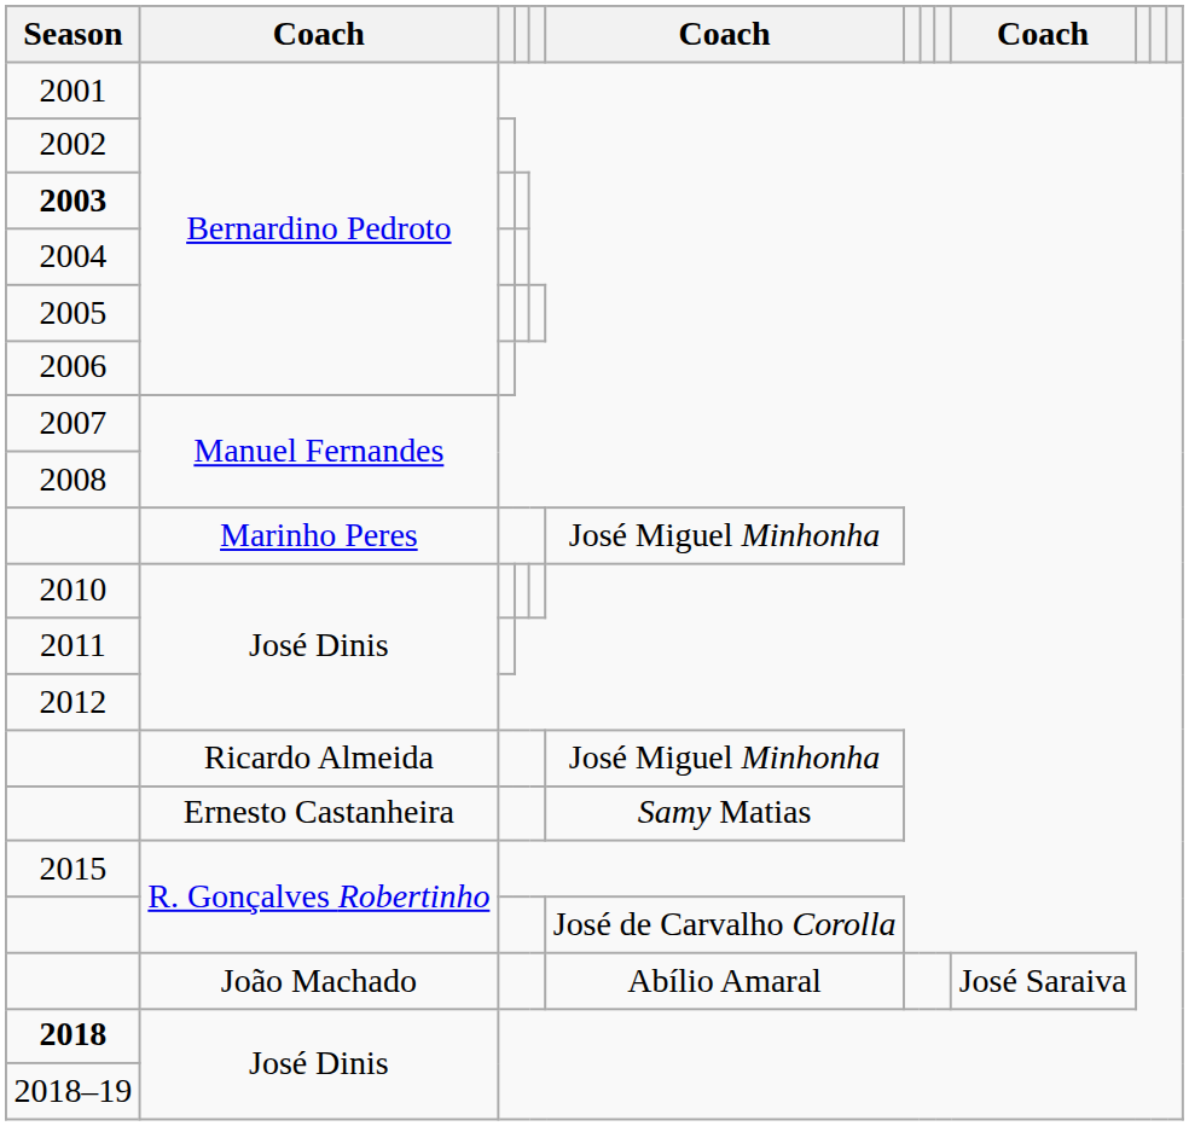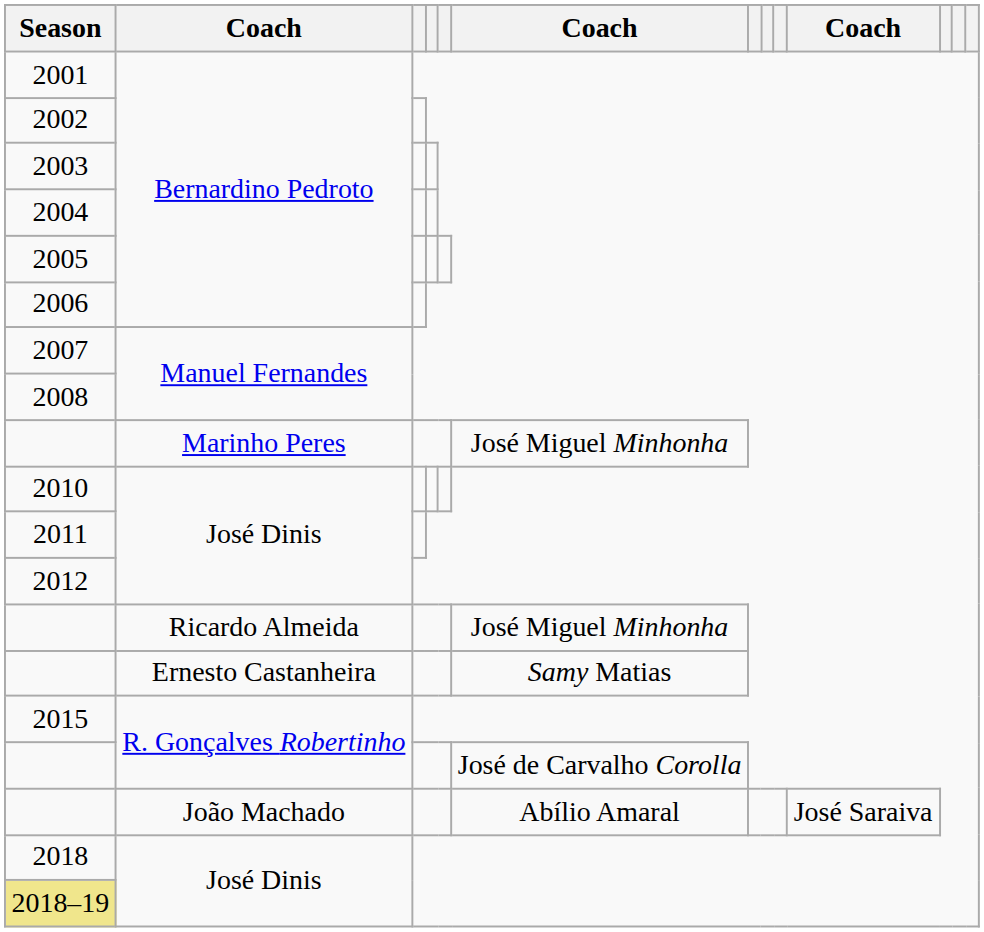 <table class="wikitable" style="text-align:center; font-size:90%">
 <tr>
 <th>Season</th>
 <th>Coach</th>
 <th></th>
 <th></th>
 <th></th>
 <th>Coach</th>
 <th></th>
 <th></th>
 <th></th>
 <th>Coach</th>
 <th></th>
 <th></th>
 <th></th>
 </tr>
 <tr>
 <td>2001</td>
 <td rowspan=6> <a href='#'>Bernardino Pedroto</a></td>
 </tr>
 <tr>
 <td>2002</td>
 <td></td>
 </tr>
 <tr>
-<td><strong>2003</strong></td>
+<td>2003</td>
 <td></td>
 <td></td>
 </tr>
 <tr>
 <td>2004</td>
 <td></td>
 <td></td>
 </tr>
 <tr>
 <td>2005</td>
 <td></td>
 <td></td>
 <td></td>
 </tr>
 <tr>
 <td>2006</td>
 <td></td>
 </tr>
 <tr>
 <td>2007</td>
 <td rowspan=2> <a href='#'>Manuel Fernandes</a></td>
 </tr>
 <tr>
 <td>2008</td>
 </tr>
 <tr>
 <td></td>
 <td> <a href='#'>Marinho Peres</a></td>
 <td colspan=3></td>
 <td> José Miguel <em>Minhonha</em></td>
 </tr>
 <tr>
 <td>2010</td>
 <td rowspan=3> José Dinis</td>
 <td></td>
 <td></td>
 <td></td>
 </tr>
 <tr>
 <td>2011</td>
 <td></td>
 </tr>
 <tr>
 <td>2012</td>
 </tr>
 <tr>
 <td></td>
 <td> Ricardo Almeida</td>
 <td colspan=3></td>
 <td> José Miguel <em>Minhonha</em></td>
 </tr>
 <tr>
 <td></td>
 <td> Ernesto Castanheira</td>
 <td colspan=3></td>
 <td> <em>Samy</em> Matias</td>
 </tr>
 <tr>
 <td>2015</td>
 <td rowspan=2> <a href='#'>R. Gonçalves <em>Robertinho</em></a></td>
 </tr>
 <tr>
 <td></td>
 <td colspan=3></td>
 <td> José de Carvalho <em>Corolla</em></td>
 </tr>
 <tr>
 <td></td>
 <td> João Machado</td>
 <td colspan=3></td>
 <td> Abílio Amaral</td>
 <td colspan=3></td>
 <td> José Saraiva</td>
 </tr>
 <tr>
-<td><strong>2018</strong></td>
+<td>2018</td>
 <td rowspan=2> José Dinis</td>
 </tr>
 <tr>
-<td>2018–19</td>
+<td style="background: khaki;">2018–19</td>
 </tr>
 </table>
